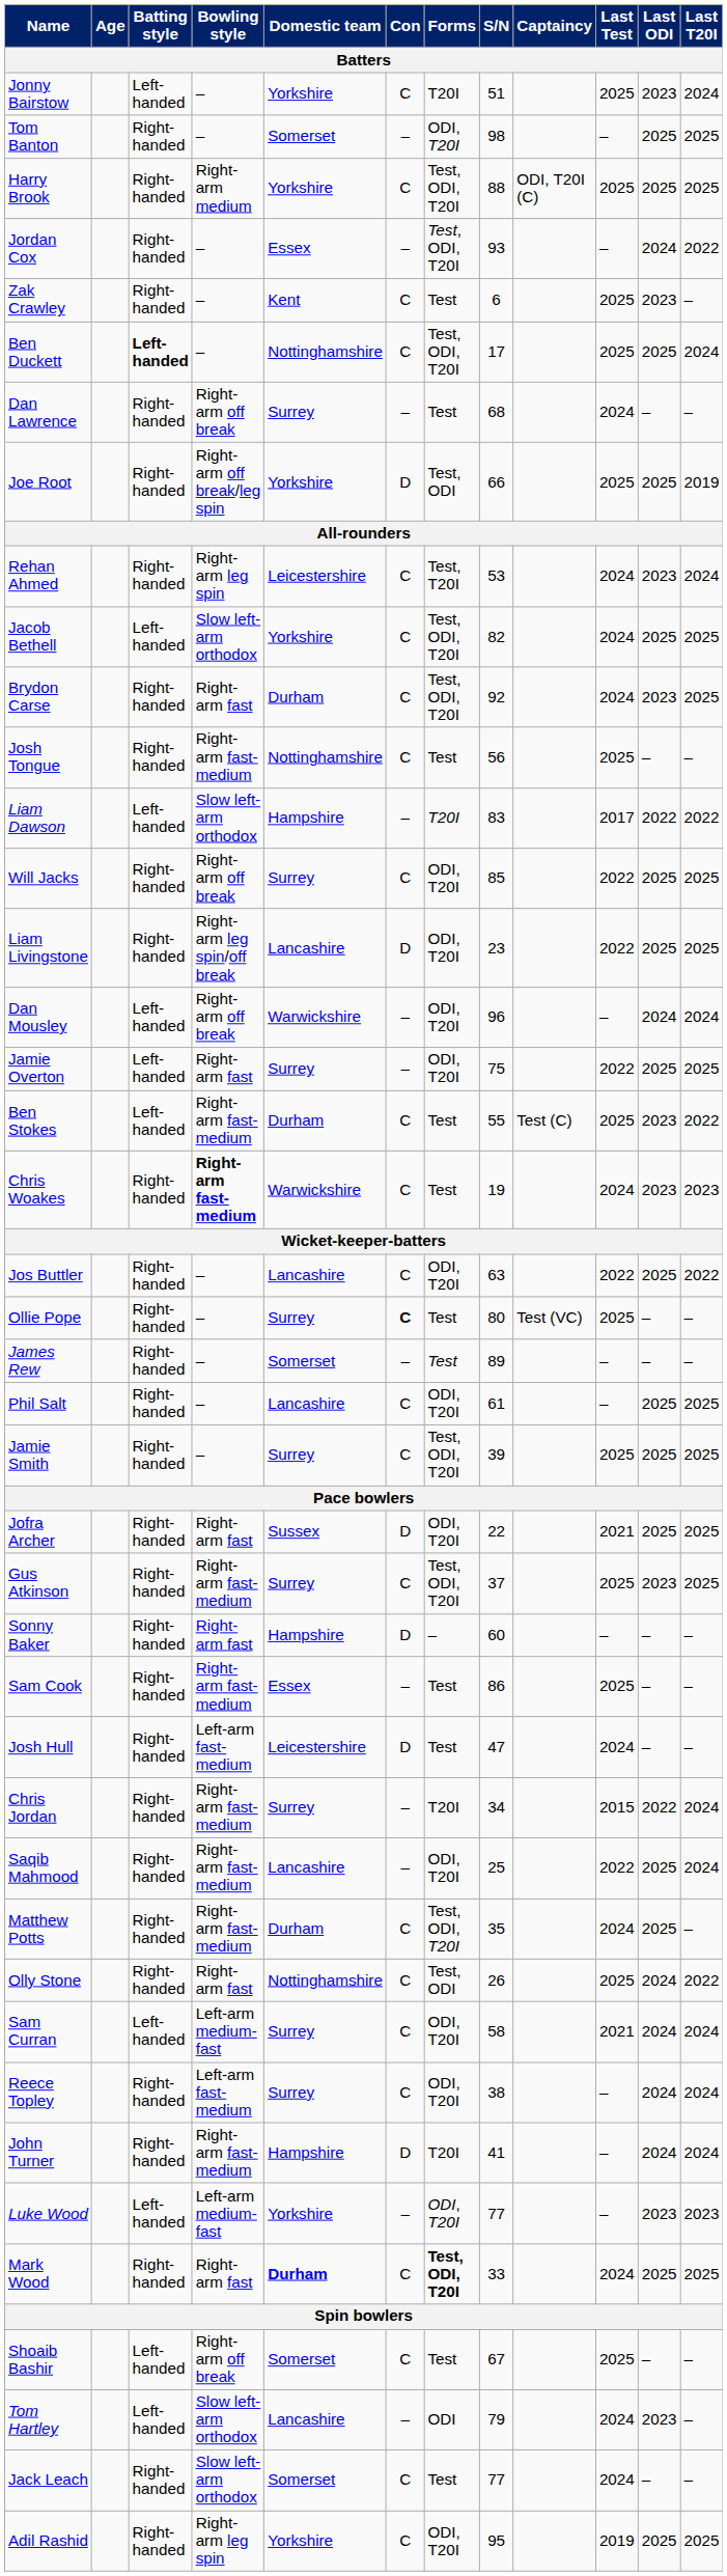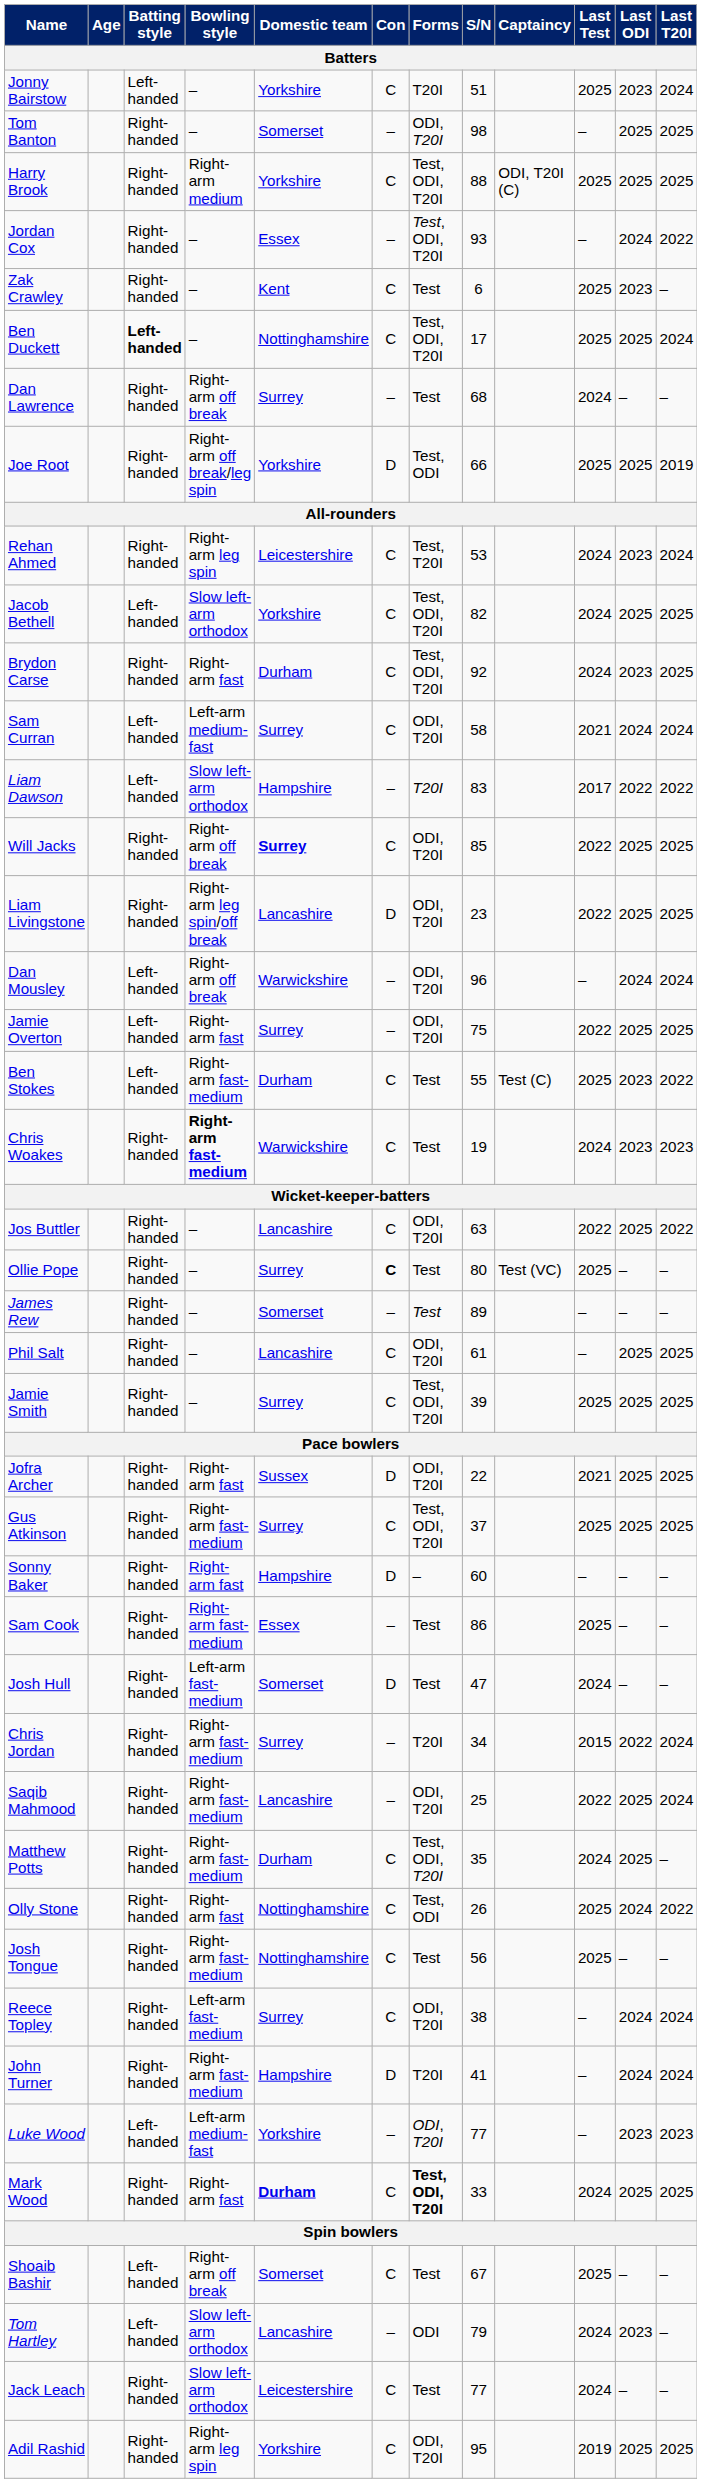 <table class="wikitable">
 <tr>
 <th style="text-align:center; background:#012169; color:white;">Name</th>
 <th style="text-align:center; background:#012169; color:white;">Age</th>
 <th style="text-align:center; background:#012169; color:white;">Batting style</th>
 <th style="text-align:center; background:#012169; color:white;">Bowling style</th>
 <th style="text-align:center; background:#012169; color:white;">Domestic team</th>
 <th style="text-align:center; background:#012169; color:white;">Con</th>
 <th style="text-align:center; background:#012169; color:white;">Forms</th>
 <th style="text-align:center; background:#012169; color:white;">S/N</th>
 <th style="text-align:center; background:#012169; color:white;">Captaincy</th>
 <th style="text-align:center; background:#012169; color:white;">Last Test</th>
 <th style="text-align:center; background:#012169; color:white;">Last ODI</th>
 <th style="text-align:center; background:#012169; color:white;">Last T20I</th>
 </tr>
 <tr>
 <th colspan="12">Batters</th>
 </tr>
 <tr>
 <td><a href='#'>Jonny Bairstow</a></td>
 <td></td>
 <td>Left-handed</td>
 <td>–</td>
 <td><a href='#'>Yorkshire</a></td>
 <td align="center">C</td>
 <td>T20I</td>
 <td align="center">51</td>
 <td></td>
 <td> 2025</td>
 <td> 2023</td>
 <td> 2024</td>
 </tr>
 <tr>
 <td><a href='#'>Tom Banton</a></td>
 <td></td>
 <td>Right-handed</td>
 <td>–</td>
 <td><a href='#'>Somerset</a></td>
 <td align="center">–</td>
 <td>ODI, <em>T20I</em></td>
 <td align="center">98</td>
 <td></td>
 <td>–</td>
 <td> 2025</td>
 <td> 2025</td>
 </tr>
 <tr>
 <td><a href='#'>Harry Brook</a></td>
 <td></td>
 <td>Right-handed</td>
 <td>Right-arm <a href='#'>medium</a></td>
 <td><a href='#'>Yorkshire</a></td>
 <td align="center">C</td>
 <td>Test, ODI, T20I</td>
 <td align="center">88</td>
 <td>ODI, T20I (C)</td>
 <td> 2025</td>
 <td> 2025</td>
 <td> 2025</td>
 </tr>
 <tr>
 <td><a href='#'>Jordan Cox</a></td>
 <td></td>
 <td>Right-handed</td>
 <td>–</td>
 <td><a href='#'>Essex</a></td>
 <td align="center">–</td>
 <td><em>Test</em>, ODI, T20I</td>
 <td align="center">93</td>
 <td></td>
 <td>–</td>
 <td> 2024</td>
 <td> 2022</td>
 </tr>
 <tr>
 <td><a href='#'>Zak Crawley</a></td>
 <td></td>
 <td>Right-handed</td>
 <td>–</td>
 <td><a href='#'>Kent</a></td>
 <td align="center">C</td>
 <td>Test</td>
 <td align="center">6</td>
 <td></td>
 <td> 2025</td>
 <td> 2023</td>
 <td>–</td>
 </tr>
 <tr>
 <td><a href='#'>Ben Duckett</a></td>
 <td></td>
 <td><strong>Left-handed</strong></td>
 <td>–</td>
 <td><a href='#'>Nottinghamshire</a></td>
 <td align="center">C</td>
 <td>Test, ODI, T20I</td>
 <td align="center">17</td>
 <td></td>
 <td> 2025</td>
 <td> 2025</td>
 <td> 2024</td>
 </tr>
 <tr>
 <td><a href='#'>Dan Lawrence</a></td>
 <td></td>
 <td>Right-handed</td>
 <td>Right-arm <a href='#'>off break</a></td>
 <td><a href='#'>Surrey</a></td>
 <td align="center">–</td>
 <td>Test</td>
 <td align="center">68</td>
 <td></td>
 <td> 2024</td>
 <td>–</td>
 <td>–</td>
 </tr>
 <tr>
 <td><a href='#'>Joe Root</a></td>
 <td></td>
 <td>Right-handed</td>
 <td>Right-arm <a href='#'>off break</a>/<a href='#'>leg spin</a></td>
 <td><a href='#'>Yorkshire</a></td>
 <td align="center">D</td>
 <td>Test, ODI</td>
 <td align="center">66</td>
 <td></td>
 <td> 2025</td>
 <td> 2025</td>
 <td> 2019</td>
 </tr>
 <tr>
 <th colspan="12">All-rounders</th>
 </tr>
 <tr>
 <td><a href='#'>Rehan Ahmed</a></td>
 <td></td>
 <td>Right-handed</td>
 <td>Right-arm <a href='#'>leg spin</a></td>
 <td><a href='#'>Leicestershire</a></td>
 <td align="center">C</td>
 <td>Test, T20I</td>
 <td align="center">53</td>
 <td></td>
 <td> 2024</td>
 <td> 2023</td>
 <td> 2024</td>
 </tr>
 <tr>
 <td><a href='#'>Jacob Bethell</a></td>
 <td></td>
 <td>Left-handed</td>
 <td><a href='#'>Slow left-arm orthodox</a></td>
 <td><a href='#'>Yorkshire</a></td>
 <td align="center">C</td>
 <td>Test, ODI, T20I</td>
 <td align="center">82</td>
 <td></td>
 <td> 2024</td>
 <td> 2025</td>
 <td> 2025</td>
 </tr>
 <tr>
 <td><a href='#'>Brydon Carse</a></td>
 <td></td>
 <td>Right-handed</td>
 <td>Right-arm <a href='#'>fast</a></td>
 <td><a href='#'>Durham</a></td>
 <td align="center">C</td>
 <td>Test, ODI, T20I</td>
 <td align="center">92</td>
 <td></td>
 <td> 2024</td>
 <td> 2023</td>
 <td> 2025</td>
 </tr>
 <tr>
-<td><a href='#'>Josh Tongue</a></td>
+<td><a href='#'>Sam Curran</a></td>
 <td></td>
-<td>Right-handed</td>
-<td>Right-arm <a href='#'>fast-medium</a></td>
-<td><a href='#'>Nottinghamshire</a></td>
+<td>Left-handed</td>
+<td>Left-arm <a href='#'>medium-fast</a></td>
+<td><a href='#'>Surrey</a></td>
 <td align="center">C</td>
-<td>Test</td>
-<td align="center">56</td>
+<td>ODI, T20I</td>
+<td align="center">58</td>
 <td></td>
-<td> 2025</td>
-<td>–</td>
-<td>–</td>
+<td> 2021</td>
+<td> 2024</td>
+<td> 2024</td>
 </tr>
 <tr>
 <td><em><a href='#'>Liam Dawson</a></em></td>
 <td></td>
 <td>Left-handed</td>
 <td><a href='#'>Slow left-arm orthodox</a></td>
 <td><a href='#'>Hampshire</a></td>
 <td align="center">–</td>
 <td><em>T20I</em></td>
 <td align="center">83</td>
 <td></td>
 <td> 2017</td>
 <td> 2022</td>
 <td> 2022</td>
 </tr>
 <tr>
 <td><a href='#'>Will Jacks</a></td>
 <td></td>
 <td>Right-handed</td>
 <td>Right-arm <a href='#'>off break</a></td>
-<td><a href='#'>Surrey</a></td>
+<td><strong><a href='#'>Surrey</a></strong></td>
 <td align="center">C</td>
 <td>ODI, T20I</td>
 <td align="center">85</td>
 <td></td>
 <td> 2022</td>
 <td> 2025</td>
 <td> 2025</td>
 </tr>
 <tr>
 <td><a href='#'>Liam Livingstone</a></td>
 <td></td>
 <td>Right-handed</td>
 <td>Right-arm <a href='#'>leg spin</a>/<a href='#'>off break</a></td>
 <td><a href='#'>Lancashire</a></td>
 <td align="center">D</td>
 <td>ODI, T20I</td>
 <td align="center">23</td>
 <td></td>
 <td> 2022</td>
 <td> 2025</td>
 <td> 2025</td>
 </tr>
 <tr>
 <td><a href='#'>Dan Mousley</a></td>
 <td></td>
 <td>Left-handed</td>
 <td>Right-arm <a href='#'>off break</a></td>
 <td><a href='#'>Warwickshire</a></td>
 <td align="center">–</td>
 <td>ODI, T20I</td>
 <td align="center">96</td>
 <td></td>
 <td>–</td>
 <td> 2024</td>
 <td> 2024</td>
 </tr>
 <tr>
 <td><a href='#'>Jamie Overton</a></td>
 <td></td>
 <td>Left-handed</td>
 <td>Right-arm <a href='#'>fast</a></td>
 <td><a href='#'>Surrey</a></td>
 <td align="center">–</td>
 <td>ODI, T20I</td>
 <td align="center">75</td>
 <td></td>
 <td> 2022</td>
 <td> 2025</td>
 <td> 2025</td>
 </tr>
 <tr>
 <td><a href='#'>Ben Stokes</a></td>
 <td></td>
 <td>Left-handed</td>
 <td>Right-arm <a href='#'>fast-medium</a></td>
 <td><a href='#'>Durham</a></td>
 <td align="center">C</td>
 <td>Test</td>
 <td align="center">55</td>
 <td>Test (C)</td>
 <td> 2025</td>
 <td> 2023</td>
 <td> 2022</td>
 </tr>
 <tr>
 <td><a href='#'>Chris Woakes</a></td>
 <td></td>
 <td>Right-handed</td>
 <td><strong>Right-arm <a href='#'>fast-medium</a></strong></td>
 <td><a href='#'>Warwickshire</a></td>
 <td align="center">C</td>
 <td>Test</td>
 <td align="center">19</td>
 <td></td>
 <td> 2024</td>
 <td> 2023</td>
 <td> 2023</td>
 </tr>
 <tr>
 <th colspan="12">Wicket-keeper-batters</th>
 </tr>
 <tr>
 <td><a href='#'>Jos Buttler</a></td>
 <td></td>
 <td>Right-handed</td>
 <td>–</td>
 <td><a href='#'>Lancashire</a></td>
 <td align="center">C</td>
 <td>ODI, T20I</td>
 <td align="center">63</td>
 <td></td>
 <td> 2022</td>
 <td> 2025</td>
 <td> 2022</td>
 </tr>
 <tr>
 <td><a href='#'>Ollie Pope</a></td>
 <td></td>
 <td>Right-handed</td>
 <td>–</td>
 <td><a href='#'>Surrey</a></td>
 <td align="center"><strong>C</strong></td>
 <td>Test</td>
 <td align="center">80</td>
 <td>Test (VC)</td>
 <td> 2025</td>
 <td>–</td>
 <td>–</td>
 </tr>
 <tr>
 <td><em><a href='#'>James Rew</a></em></td>
 <td></td>
 <td>Right-handed</td>
 <td>–</td>
 <td><a href='#'>Somerset</a></td>
 <td align="center">–</td>
 <td><em>Test</em></td>
 <td align="center">89</td>
 <td></td>
 <td>–</td>
 <td>–</td>
 <td>–</td>
 </tr>
 <tr>
 <td><a href='#'>Phil Salt</a></td>
 <td></td>
 <td>Right-handed</td>
 <td>–</td>
 <td><a href='#'>Lancashire</a></td>
 <td align="center">C</td>
 <td>ODI, T20I</td>
 <td align="center">61</td>
 <td></td>
 <td>–</td>
 <td> 2025</td>
 <td> 2025</td>
 </tr>
 <tr>
 <td><a href='#'>Jamie Smith</a></td>
 <td></td>
 <td>Right-handed</td>
 <td>–</td>
 <td><a href='#'>Surrey</a></td>
 <td align="center">C</td>
 <td>Test, ODI, T20I</td>
 <td align="center">39</td>
 <td></td>
 <td> 2025</td>
 <td> 2025</td>
 <td> 2025</td>
 </tr>
 <tr>
 <th colspan="12">Pace bowlers</th>
 </tr>
 <tr>
 <td><a href='#'>Jofra Archer</a></td>
 <td></td>
 <td>Right-handed</td>
 <td>Right-arm <a href='#'>fast</a></td>
 <td><a href='#'>Sussex</a></td>
 <td align="center">D</td>
 <td>ODI, T20I</td>
 <td align="center">22</td>
 <td></td>
 <td> 2021</td>
 <td> 2025</td>
 <td> 2025</td>
 </tr>
 <tr>
 <td><a href='#'>Gus Atkinson</a></td>
 <td></td>
 <td>Right-handed</td>
 <td>Right-arm <a href='#'>fast-medium</a></td>
 <td><a href='#'>Surrey</a></td>
 <td align="center">C</td>
 <td>Test, ODI, T20I</td>
 <td align="center">37</td>
 <td></td>
 <td> 2025</td>
-<td> 2023</td>
+<td> 2025</td>
 <td> 2025</td>
 </tr>
 <tr>
 <td><a href='#'>Sonny Baker</a></td>
 <td></td>
 <td>Right-handed</td>
 <td><a href='#'>Right-arm fast</a></td>
 <td><a href='#'>Hampshire</a></td>
 <td align="center">D</td>
 <td>–</td>
 <td align="center">60</td>
 <td></td>
 <td>–</td>
 <td>–</td>
 <td>–</td>
 </tr>
 <tr>
 <td><a href='#'>Sam Cook</a></td>
 <td></td>
 <td>Right-handed</td>
 <td><a href='#'>Right-arm fast-medium</a></td>
 <td><a href='#'>Essex</a></td>
 <td align="center">–</td>
 <td>Test</td>
 <td align="center">86</td>
 <td></td>
 <td> 2025</td>
 <td>–</td>
 <td>–</td>
 </tr>
 <tr>
 <td><a href='#'>Josh Hull</a></td>
 <td></td>
 <td>Right-handed</td>
 <td>Left-arm <a href='#'>fast-medium</a></td>
-<td><a href='#'>Leicestershire</a></td>
+<td><a href='#'>Somerset</a></td>
 <td align="center">D</td>
 <td>Test</td>
 <td align="center">47</td>
 <td></td>
 <td> 2024</td>
 <td>–</td>
 <td>–</td>
 </tr>
 <tr>
 <td><a href='#'>Chris Jordan</a></td>
 <td></td>
 <td>Right-handed</td>
 <td>Right-arm <a href='#'>fast-medium</a></td>
 <td><a href='#'>Surrey</a></td>
 <td align="center">–</td>
 <td>T20I</td>
 <td align="center">34</td>
 <td></td>
 <td> 2015</td>
 <td> 2022</td>
 <td> 2024</td>
 </tr>
 <tr>
 <td><a href='#'>Saqib Mahmood</a></td>
 <td></td>
 <td>Right-handed</td>
 <td>Right-arm <a href='#'>fast-medium</a></td>
 <td><a href='#'>Lancashire</a></td>
 <td align="center">–</td>
 <td>ODI, T20I</td>
 <td align="center">25</td>
 <td></td>
 <td> 2022</td>
 <td> 2025</td>
 <td> 2024</td>
 </tr>
 <tr>
 <td><a href='#'>Matthew Potts</a></td>
 <td></td>
 <td>Right-handed</td>
 <td>Right-arm <a href='#'>fast-medium</a></td>
 <td><a href='#'>Durham</a></td>
 <td align="center">C</td>
 <td>Test, ODI, <em>T20I</em></td>
 <td align="center">35</td>
 <td></td>
 <td> 2024</td>
 <td> 2025</td>
 <td>–</td>
 </tr>
 <tr>
 <td><a href='#'>Olly Stone</a></td>
 <td></td>
 <td>Right-handed</td>
 <td>Right-arm <a href='#'>fast</a></td>
 <td><a href='#'>Nottinghamshire</a></td>
 <td align="center">C</td>
 <td>Test, ODI</td>
 <td align="center">26</td>
 <td></td>
 <td> 2025</td>
 <td> 2024</td>
 <td> 2022</td>
 </tr>
 <tr>
-<td><a href='#'>Sam Curran</a></td>
+<td><a href='#'>Josh Tongue</a></td>
 <td></td>
-<td>Left-handed</td>
-<td>Left-arm <a href='#'>medium-fast</a></td>
-<td><a href='#'>Surrey</a></td>
+<td>Right-handed</td>
+<td>Right-arm <a href='#'>fast-medium</a></td>
+<td><a href='#'>Nottinghamshire</a></td>
 <td align="center">C</td>
-<td>ODI, T20I</td>
-<td align="center">58</td>
+<td>Test</td>
+<td align="center">56</td>
 <td></td>
-<td> 2021</td>
-<td> 2024</td>
-<td> 2024</td>
+<td> 2025</td>
+<td>–</td>
+<td>–</td>
 </tr>
 <tr>
 <td><a href='#'>Reece Topley</a></td>
 <td></td>
 <td>Right-handed</td>
 <td>Left-arm <a href='#'>fast-medium</a></td>
 <td><a href='#'>Surrey</a></td>
 <td align="center">C</td>
 <td>ODI, T20I</td>
 <td align="center">38</td>
 <td></td>
 <td>–</td>
 <td> 2024</td>
 <td> 2024</td>
 </tr>
 <tr>
 <td><a href='#'>John Turner</a></td>
 <td></td>
 <td>Right-handed</td>
 <td>Right-arm <a href='#'>fast-medium</a></td>
 <td><a href='#'>Hampshire</a></td>
 <td align="center">D</td>
 <td>T20I</td>
 <td align="center">41</td>
 <td></td>
 <td>–</td>
 <td> 2024</td>
 <td> 2024</td>
 </tr>
 <tr>
 <td><em><a href='#'>Luke Wood</a></em></td>
 <td></td>
 <td>Left-handed</td>
 <td>Left-arm <a href='#'>medium-fast</a></td>
 <td><a href='#'>Yorkshire</a></td>
 <td align="center">–</td>
 <td><em>ODI</em>, <em>T20I</em></td>
 <td align="center">77</td>
 <td></td>
 <td>–</td>
 <td> 2023</td>
 <td> 2023</td>
 </tr>
 <tr>
 <td><a href='#'>Mark Wood</a></td>
 <td></td>
 <td>Right-handed</td>
 <td>Right-arm <a href='#'>fast</a></td>
 <td><strong><a href='#'>Durham</a></strong></td>
 <td align="center">C</td>
 <td><strong>Test, ODI, T20I</strong></td>
 <td align="center">33</td>
 <td></td>
 <td> 2024</td>
 <td> 2025</td>
 <td> 2025</td>
 </tr>
 <tr>
 <th colspan="12">Spin bowlers</th>
 </tr>
 <tr>
 <td><a href='#'>Shoaib Bashir</a></td>
 <td></td>
 <td>Left-handed</td>
 <td>Right-arm <a href='#'>off break</a></td>
 <td><a href='#'>Somerset</a></td>
 <td align="center">C</td>
 <td>Test</td>
 <td align="center">67</td>
 <td></td>
 <td> 2025</td>
 <td>–</td>
 <td>–</td>
 </tr>
 <tr>
 <td><em><a href='#'>Tom Hartley</a></td>
 <td></td>
 <td>Left-handed</td>
 <td><a href='#'>Slow left-arm orthodox</a></td>
 <td><a href='#'>Lancashire</a></td>
 <td align="center">–</td>
 <td></em>ODI<em></td>
 <td align="center">79</td>
 <td></td>
 <td> 2024</td>
 <td> 2023</td>
 <td>–</td>
 </tr>
 <tr>
 <td><a href='#'>Jack Leach</a></td>
 <td></td>
 <td>Right-handed</td>
 <td><a href='#'>Slow left-arm orthodox</a></td>
-<td><a href='#'>Somerset</a></td>
+<td><a href='#'>Leicestershire</a></td>
 <td align="center">C</td>
 <td>Test</td>
 <td align="center">77</td>
 <td></td>
 <td> 2024</td>
 <td>–</td>
 <td>–</td>
 </tr>
 <tr>
 <td><a href='#'>Adil Rashid</a></td>
 <td></td>
 <td>Right-handed</td>
 <td>Right-arm <a href='#'>leg spin</a></td>
 <td><a href='#'>Yorkshire</a></td>
 <td align="center">C</td>
 <td>ODI, T20I</td>
 <td align="center">95</td>
 <td></td>
 <td> 2019</td>
 <td> 2025</td>
 <td> 2025</td>
 </tr>
 </table>
